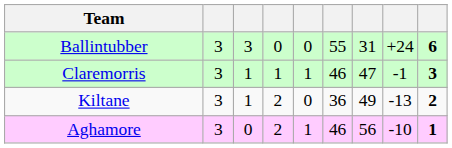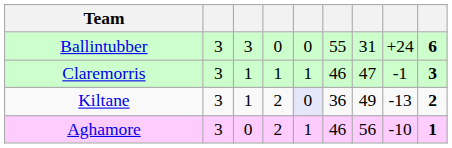 <table class="wikitable" style="text-align:center">
 <tr>
 <th style="width:175px;">Team</th>
 <th width="20"></th>
 <th width="20"></th>
 <th width="20"></th>
 <th width="20"></th>
 <th width="20"></th>
 <th width="20"></th>
 <th width="20"></th>
 <th width="20"></th>
 </tr>
 <tr style="background:#cfc;">
 <td><a href='#'>Ballintubber</a></td>
 <td>3</td>
 <td>3</td>
 <td>0</td>
 <td>0</td>
 <td>55</td>
 <td>31</td>
 <td>+24</td>
 <td><strong>6</strong></td>
 </tr>
 <tr style="background:#cfc;">
 <td><a href='#'>Claremorris</a></td>
 <td>3</td>
 <td>1</td>
 <td>1</td>
 <td>1</td>
 <td>46</td>
 <td>47</td>
 <td>-1</td>
 <td><strong>3</strong></td>
 </tr>
 <tr>
 <td><a href='#'>Kiltane</a></td>
 <td>3</td>
 <td>1</td>
 <td>2</td>
-<td>0</td>
+<td style="background: lavender;">0</td>
 <td>36</td>
 <td>49</td>
 <td>-13</td>
 <td><strong>2</strong></td>
 </tr>
 <tr style="background:#fcf;">
 <td><a href='#'>Aghamore</a></td>
 <td>3</td>
 <td>0</td>
 <td>2</td>
 <td>1</td>
 <td>46</td>
 <td>56</td>
 <td>-10</td>
 <td><strong>1</strong></td>
 </tr>
 </table>
